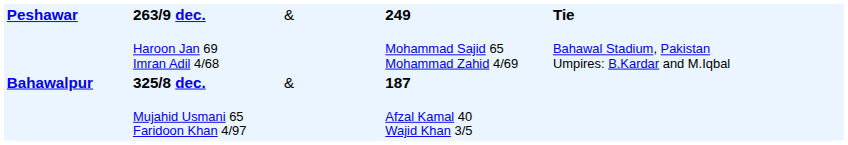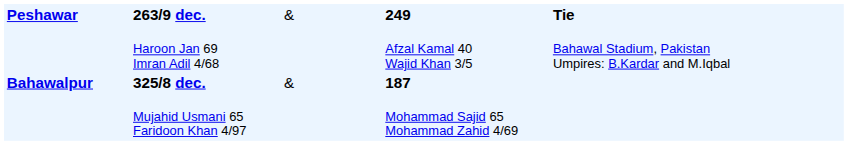 <table width="100%" style="background: #EBF5FF">
 <tr>
 <td width="15%" valign="top" rowspan="2"><strong><a href='#'>Peshawar</a></strong></td>
 <td width="18%"><strong>263/9 <a href='#'>dec.</a></strong></td>
 <td width="12%">&</td>
 <td width="20%"><strong>249</strong></td>
 <td width="35%"><strong>Tie</strong></td>
 </tr>
 <tr>
 <td style="font-size: 85%;" valign="top"><br><a href='#'>Haroon Jan</a> 69<br> <a href='#'>Imran Adil</a> 4/68</td>
 <td></td>
-<td style="font-size: 85%;"><br><a href='#'>Mohammad Sajid</a> 65<br> <a href='#'>Mohammad Zahid</a> 4/69</td>
+<td valign="top" style="font-size: 85%;"><br><a href='#'>Afzal Kamal</a> 40<br> <a href='#'>Wajid Khan</a> 3/5</td>
 <td valign="top" style="font-size: 85%;" rowspan="3"><br><a href='#'>Bahawal Stadium</a>, <a href='#'>Pakistan</a><br> Umpires: <a href='#'>B.Kardar</a> and M.Iqbal</td>
 </tr>
 <tr>
 <td valign="top" rowspan="2"><strong><a href='#'>Bahawalpur</a></strong></td>
 <td><strong>325/8 <a href='#'>dec.</a></strong></td>
 <td>&</td>
 <td><strong>187</strong></td>
 </tr>
 <tr>
 <td style="font-size: 85%;"><br><a href='#'>Mujahid Usmani</a> 65<br> <a href='#'>Faridoon Khan</a> 4/97</td>
 <td></td>
-<td valign="top" style="font-size: 85%;"><br><a href='#'>Afzal Kamal</a> 40<br> <a href='#'>Wajid Khan</a> 3/5</td>
+<td style="font-size: 85%;"><br><a href='#'>Mohammad Sajid</a> 65<br> <a href='#'>Mohammad Zahid</a> 4/69</td>
 </tr>
 </table>
